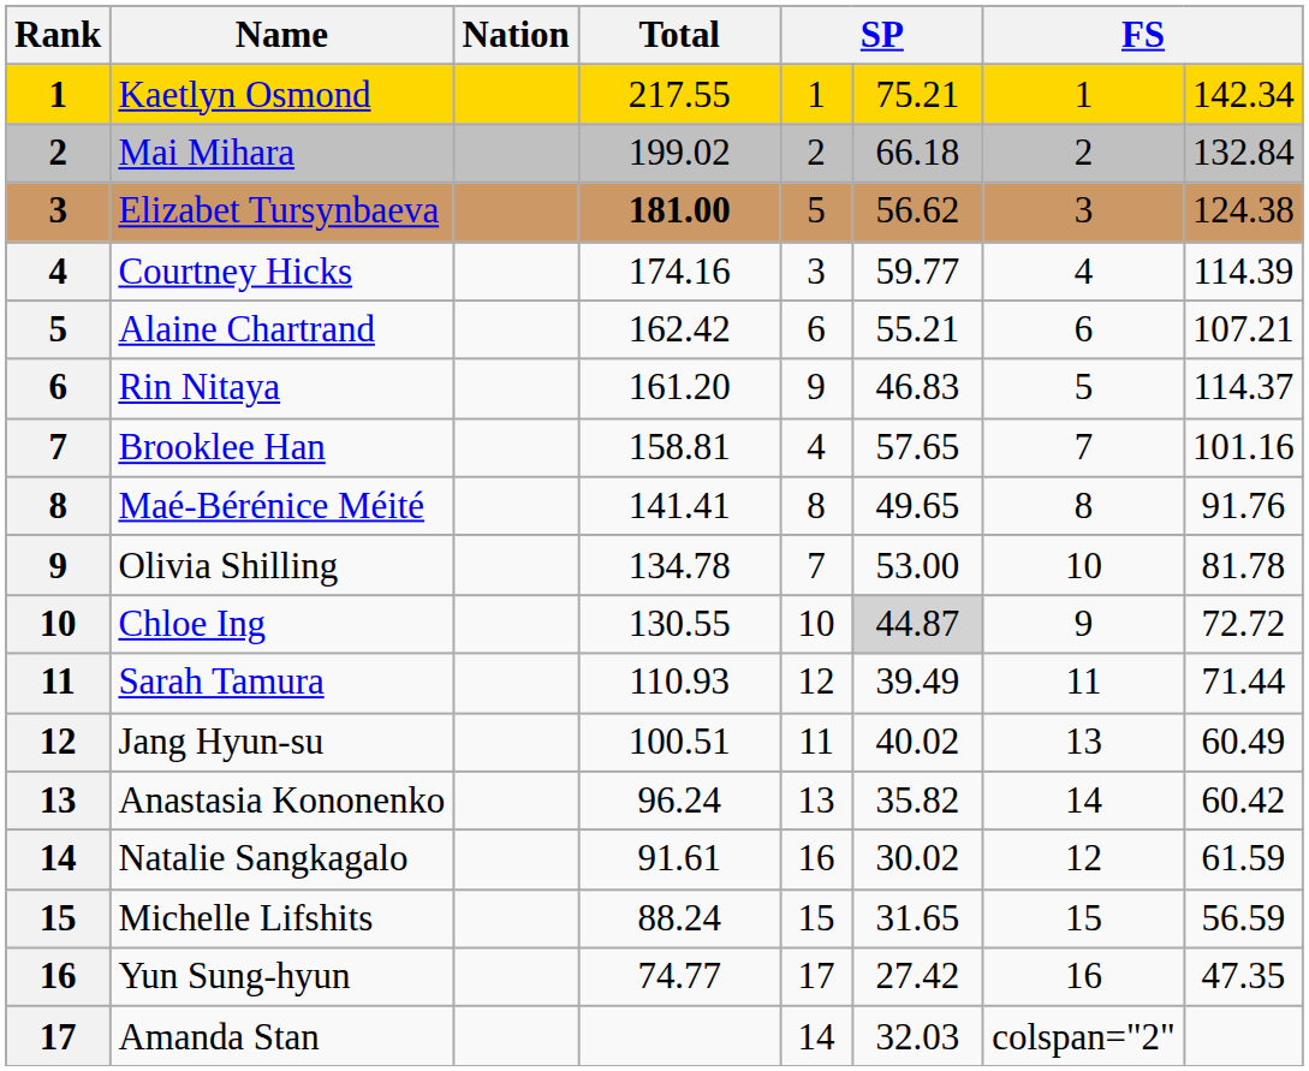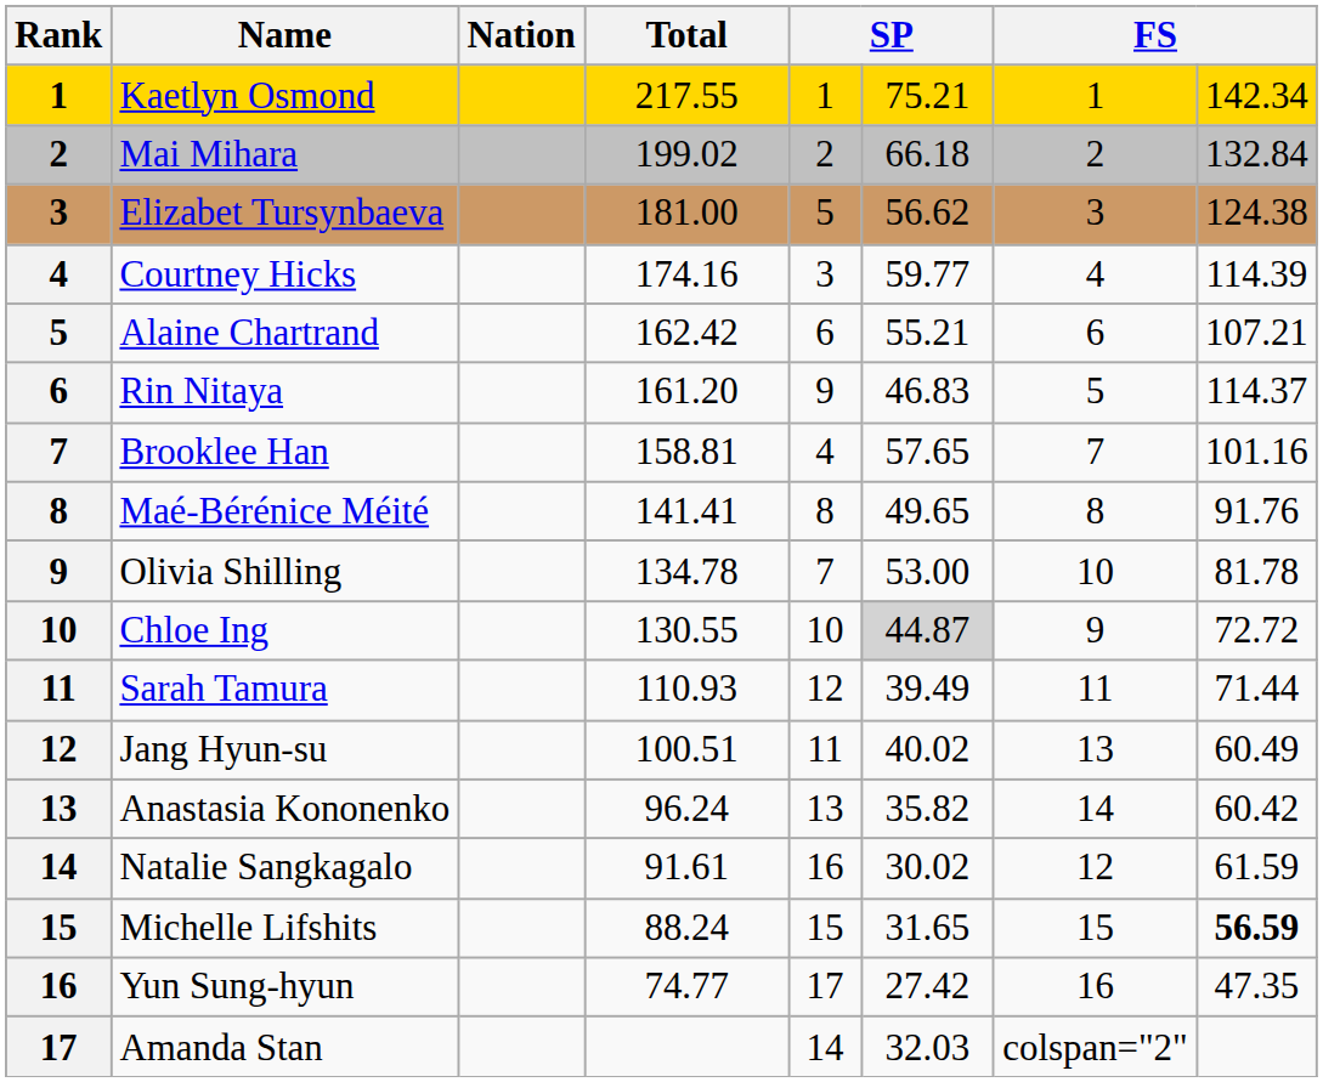 <table class="wikitable sortable">
 <tr>
 <th>Rank</th>
 <th>Name</th>
 <th>Nation</th>
 <th width="80px">Total</th>
 <th colspan="2" width="80px"><a href='#'>SP</a></th>
 <th colspan="2" width="80px"><a href='#'>FS</a></th>
 </tr>
 <tr bgcolor="gold">
 <td align="center"><strong>1</strong></td>
 <td><a href='#'>Kaetlyn Osmond</a></td>
 <td></td>
 <td align="center">217.55</td>
 <td align="center">1</td>
 <td align="center">75.21</td>
 <td align="center">1</td>
 <td align="center">142.34</td>
 </tr>
 <tr bgcolor="silver">
 <td align="center"><strong>2</strong></td>
 <td><a href='#'>Mai Mihara</a></td>
 <td></td>
 <td align="center">199.02</td>
 <td align="center">2</td>
 <td align="center">66.18</td>
 <td align="center">2</td>
 <td align="center">132.84</td>
 </tr>
 <tr bgcolor="cc9966">
 <td align="center"><strong>3</strong></td>
 <td><a href='#'>Elizabet Tursynbaeva</a></td>
 <td></td>
-<td align="center"><strong>181.00</strong></td>
+<td align="center">181.00</td>
 <td align="center">5</td>
 <td align="center">56.62</td>
 <td align="center">3</td>
 <td align="center">124.38</td>
 </tr>
 <tr>
 <th>4</th>
 <td><a href='#'>Courtney Hicks</a></td>
 <td></td>
 <td align="center">174.16</td>
 <td align="center">3</td>
 <td align="center">59.77</td>
 <td align="center">4</td>
 <td align="center">114.39</td>
 </tr>
 <tr>
 <th>5</th>
 <td><a href='#'>Alaine Chartrand</a></td>
 <td></td>
 <td align="center">162.42</td>
 <td align="center">6</td>
 <td align="center">55.21</td>
 <td align="center">6</td>
 <td align="center">107.21</td>
 </tr>
 <tr>
 <th>6</th>
 <td><a href='#'>Rin Nitaya</a></td>
 <td></td>
 <td align="center">161.20</td>
 <td align="center">9</td>
 <td align="center">46.83</td>
 <td align="center">5</td>
 <td align="center">114.37</td>
 </tr>
 <tr>
 <th>7</th>
 <td><a href='#'>Brooklee Han</a></td>
 <td></td>
 <td align="center">158.81</td>
 <td align="center">4</td>
 <td align="center">57.65</td>
 <td align="center">7</td>
 <td align="center">101.16</td>
 </tr>
 <tr>
 <th>8</th>
 <td><a href='#'>Maé-Bérénice Méité</a></td>
 <td></td>
 <td align="center">141.41</td>
 <td align="center">8</td>
 <td align="center">49.65</td>
 <td align="center">8</td>
 <td align="center">91.76</td>
 </tr>
 <tr>
 <th>9</th>
 <td>Olivia Shilling</td>
 <td></td>
 <td align="center">134.78</td>
 <td align="center">7</td>
 <td align="center">53.00</td>
 <td align="center">10</td>
 <td align="center">81.78</td>
 </tr>
 <tr>
 <th>10</th>
 <td><a href='#'>Chloe Ing</a></td>
 <td></td>
 <td align="center">130.55</td>
 <td align="center">10</td>
 <td align="center" style="background: lightgrey;">44.87</td>
 <td align="center">9</td>
 <td align="center">72.72</td>
 </tr>
 <tr>
 <th>11</th>
 <td><a href='#'>Sarah Tamura</a></td>
 <td></td>
 <td align="center">110.93</td>
 <td align="center">12</td>
 <td align="center">39.49</td>
 <td align="center">11</td>
 <td align="center">71.44</td>
 </tr>
 <tr>
 <th>12</th>
 <td>Jang Hyun-su</td>
 <td></td>
 <td align="center">100.51</td>
 <td align="center">11</td>
 <td align="center">40.02</td>
 <td align="center">13</td>
 <td align="center">60.49</td>
 </tr>
 <tr>
 <th>13</th>
 <td>Anastasia Kononenko</td>
 <td></td>
 <td align="center">96.24</td>
 <td align="center">13</td>
 <td align="center">35.82</td>
 <td align="center">14</td>
 <td align="center">60.42</td>
 </tr>
 <tr>
 <th>14</th>
 <td>Natalie Sangkagalo</td>
 <td></td>
 <td align="center">91.61</td>
 <td align="center">16</td>
 <td align="center">30.02</td>
 <td align="center">12</td>
 <td align="center">61.59</td>
 </tr>
 <tr>
 <th>15</th>
 <td>Michelle Lifshits</td>
 <td></td>
 <td align="center">88.24</td>
 <td align="center">15</td>
 <td align="center">31.65</td>
 <td align="center">15</td>
-<td align="center">56.59</td>
+<td align="center"><strong>56.59</strong></td>
 </tr>
 <tr>
 <th>16</th>
 <td>Yun Sung-hyun</td>
 <td></td>
 <td align="center">74.77</td>
 <td align="center">17</td>
 <td align="center">27.42</td>
 <td align="center">16</td>
 <td align="center">47.35</td>
 </tr>
 <tr>
 <th>17</th>
 <td>Amanda Stan</td>
 <td></td>
 <td></td>
 <td align="center">14</td>
 <td align="center">32.03</td>
 <td>colspan="2" </td>
 </tr>
 </table>
